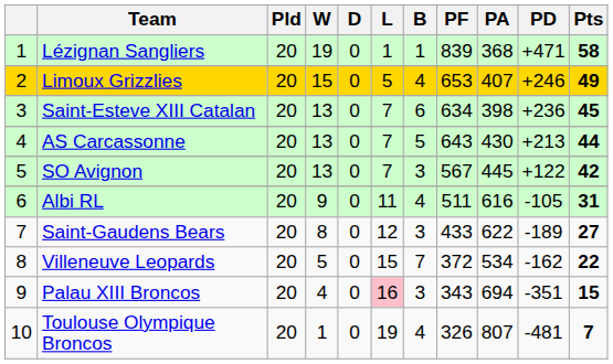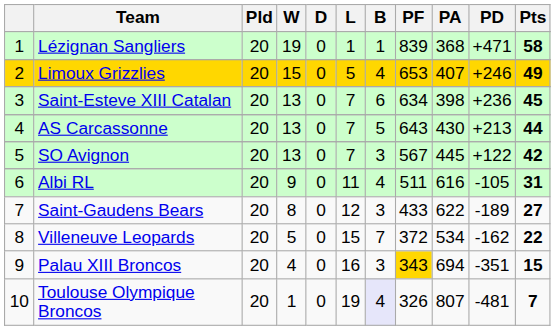 <table class="wikitable" style="text-align:center;">
 <tr>
 <th width=20 abbr="Position"></th>
 <th width=185>Team</th>
 <th width=20 abbr="Played">Pld</th>
 <th width=20 abbr="Won">W</th>
 <th width=20 abbr="Drawn">D</th>
 <th width=20 abbr="Lost">L</th>
 <th width=20 abbr="Lost">B</th>
 <th width=20 abbr="Points for">PF</th>
 <th width=20 abbr="Points against">PA</th>
 <th width=20 abbr="Points difference">PD</th>
 <th width=20 abbr="Points">Pts</th>
 </tr>
 <tr>
 </tr>
 <tr style="background: #ccffcc;">
 <td>1</td>
 <td style="text-align:left;"> <a href='#'>Lézignan Sangliers</a></td>
 <td>20</td>
 <td>19</td>
 <td>0</td>
 <td>1</td>
 <td>1</td>
 <td>839</td>
 <td>368</td>
 <td>+471</td>
 <td><strong>58</strong></td>
 </tr>
 <tr>
 </tr>
 <tr style="background:gold;">
 <td>2</td>
 <td style="text-align:left;"> <a href='#'>Limoux Grizzlies</a></td>
 <td>20</td>
 <td>15</td>
 <td>0</td>
 <td>5</td>
 <td>4</td>
 <td>653</td>
 <td>407</td>
 <td>+246</td>
 <td><strong>49</strong></td>
 </tr>
 <tr>
 </tr>
 <tr style="background: #ccffcc;">
 <td>3</td>
 <td style="text-align:left;"> <a href='#'>Saint-Esteve XIII Catalan</a></td>
 <td>20</td>
 <td>13</td>
 <td>0</td>
 <td>7</td>
 <td>6</td>
 <td>634</td>
 <td>398</td>
 <td>+236</td>
 <td><strong>45</strong></td>
 </tr>
 <tr>
 </tr>
 <tr style="background: #ccffcc;">
 <td>4</td>
 <td style="text-align:left;"> <a href='#'>AS Carcassonne</a></td>
 <td>20</td>
 <td>13</td>
 <td>0</td>
 <td>7</td>
 <td>5</td>
 <td>643</td>
 <td>430</td>
 <td>+213</td>
 <td><strong>44</strong></td>
 </tr>
 <tr>
 </tr>
 <tr style="background: #ccffcc;">
 <td>5</td>
 <td style="text-align:left;"> <a href='#'>SO Avignon</a></td>
 <td>20</td>
 <td>13</td>
 <td>0</td>
 <td>7</td>
 <td>3</td>
 <td>567</td>
 <td>445</td>
 <td>+122</td>
 <td><strong>42</strong></td>
 </tr>
 <tr>
 </tr>
 <tr style="background: #ccffcc;">
 <td>6</td>
 <td style="text-align:left;"> <a href='#'>Albi RL</a></td>
 <td>20</td>
 <td>9</td>
 <td>0</td>
 <td>11</td>
 <td>4</td>
 <td>511</td>
 <td>616</td>
 <td>-105</td>
 <td><strong>31</strong></td>
 </tr>
 <tr>
 <td>7</td>
 <td style="text-align:left;"> <a href='#'>Saint-Gaudens Bears</a></td>
 <td>20</td>
 <td>8</td>
 <td>0</td>
 <td>12</td>
 <td>3</td>
 <td>433</td>
 <td>622</td>
 <td>-189</td>
 <td><strong>27</strong></td>
 </tr>
 <tr>
 <td>8</td>
 <td style="text-align:left;"> <a href='#'>Villeneuve Leopards</a></td>
 <td>20</td>
 <td>5</td>
 <td>0</td>
 <td>15</td>
 <td>7</td>
 <td>372</td>
 <td>534</td>
 <td>-162</td>
 <td><strong>22</strong></td>
 </tr>
 <tr>
 <td>9</td>
 <td style="text-align:left;"> <a href='#'>Palau XIII Broncos</a></td>
 <td>20</td>
 <td>4</td>
 <td>0</td>
-<td style="background: pink;">16</td>
+<td>16</td>
 <td>3</td>
-<td>343</td>
+<td style="background: gold;">343</td>
 <td>694</td>
 <td>-351</td>
 <td><strong>15</strong></td>
 </tr>
 <tr>
 <td>10</td>
 <td style="text-align:left;"> <a href='#'>Toulouse Olympique Broncos</a></td>
 <td>20</td>
 <td>1</td>
 <td>0</td>
 <td>19</td>
-<td>4</td>
+<td style="background: lavender;">4</td>
 <td>326</td>
 <td>807</td>
 <td>-481</td>
 <td><strong>7</strong></td>
 </tr>
 </table>
